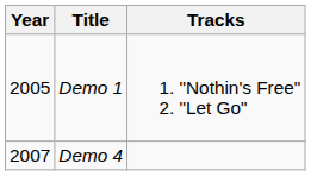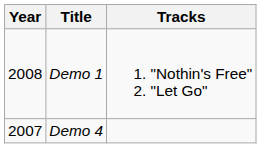 <table class="wikitable" style="font-size:95%;">
 <tr>
 <th>Year</th>
 <th>Title</th>
 <th>Tracks</th>
 </tr>
 <tr>
-<td>2005</td>
+<td>2008</td>
 <td><em>Demo 1</em></td>
 <td><br><ol><li>"Nothin's Free"</li><li>"Let Go"</li></ol></td>
 </tr>
 <tr>
 <td>2007</td>
 <td><em>Demo 4</em></td>
 <td></td>
 </tr>
 </table>
